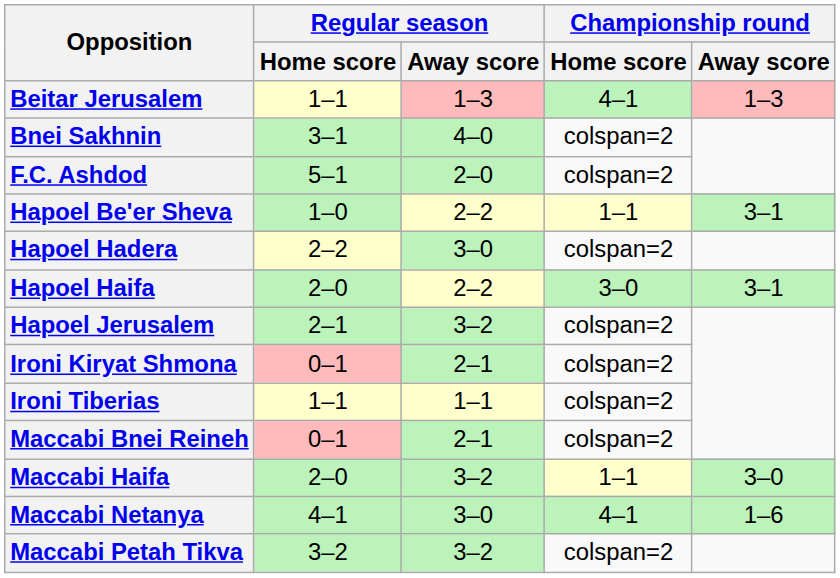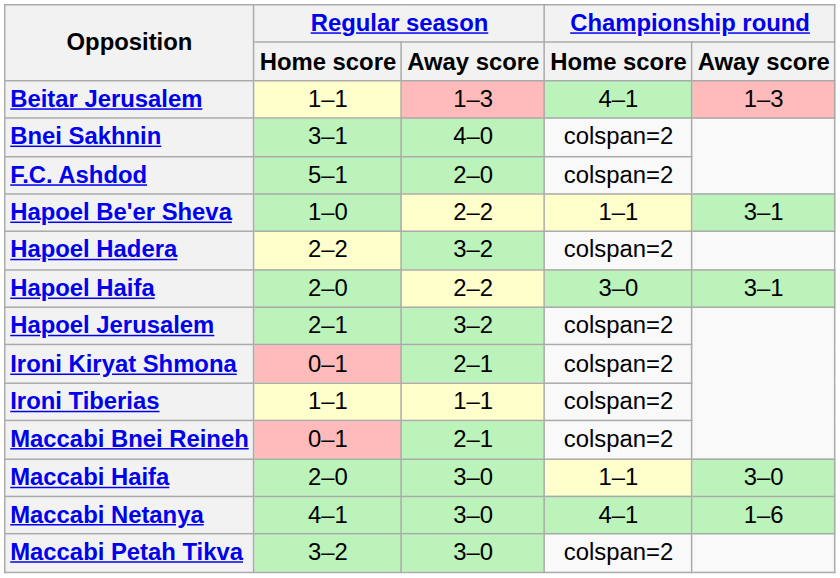 <table class="wikitable" style="text-align: center;">
 <tr>
 <th rowspan=2>Opposition</th>
 <th colspan=2><a href='#'>Regular season</a></th>
 <th colspan=2><a href='#'>Championship round</a></th>
 </tr>
 <tr>
 <th>Home score</th>
 <th>Away score</th>
 <th>Home score</th>
 <th>Away score</th>
 </tr>
 <tr>
 <th style="text-align:left"><a href='#'>Beitar Jerusalem</a></th>
 <td bgcolor=#FFFFCC>1–1</td>
 <td bgcolor=#FFBBBB>1–3</td>
 <td bgcolor=#BBF3BB>4–1</td>
 <td bgcolor=#FFBBBB>1–3</td>
 </tr>
 <tr>
 <th style="text-align:left"><a href='#'>Bnei Sakhnin</a></th>
 <td bgcolor=#BBF3BB>3–1</td>
 <td bgcolor=#BBF3BB>4–0</td>
 <td>colspan=2 </td>
 </tr>
 <tr>
 <th style="text-align:left"><a href='#'>F.C. Ashdod</a></th>
 <td bgcolor=#BBF3BB>5–1</td>
 <td bgcolor=#BBF3BB>2–0</td>
 <td>colspan=2 </td>
 </tr>
 <tr>
 <th style="text-align:left"><a href='#'>Hapoel Be'er Sheva</a></th>
 <td bgcolor=#BBF3BB>1–0</td>
 <td bgcolor=#FFFFCC>2–2</td>
 <td bgcolor=#FFFFCC>1–1</td>
 <td bgcolor=#BBF3BB>3–1</td>
 </tr>
 <tr>
 <th style="text-align:left"><a href='#'>Hapoel Hadera</a></th>
 <td bgcolor=#FFFFCC>2–2</td>
-<td bgcolor=#BBF3BB>3–0</td>
+<td bgcolor=#BBF3BB>3–2</td>
 <td>colspan=2 </td>
 </tr>
 <tr>
 <th style="text-align:left"><a href='#'>Hapoel Haifa</a></th>
 <td bgcolor=#BBF3BB>2–0</td>
 <td bgcolor=#FFFFCC>2–2</td>
 <td bgcolor=#BBF3BB>3–0</td>
 <td bgcolor=#BBF3BB>3–1</td>
 </tr>
 <tr>
 <th style="text-align:left"><a href='#'>Hapoel Jerusalem</a></th>
 <td bgcolor=#BBF3BB>2–1</td>
 <td bgcolor=#BBF3BB>3–2</td>
 <td>colspan=2 </td>
 </tr>
 <tr>
 <th style="text-align:left"><a href='#'>Ironi Kiryat Shmona</a></th>
 <td bgcolor=#FFBBBB>0–1</td>
 <td bgcolor=#BBF3BB>2–1</td>
 <td>colspan=2 </td>
 </tr>
 <tr>
 <th style="text-align:left"><a href='#'>Ironi Tiberias</a></th>
 <td bgcolor=#FFFFCC>1–1</td>
 <td bgcolor=#FFFFCC>1–1</td>
 <td>colspan=2 </td>
 </tr>
 <tr>
 <th style="text-align:left"><a href='#'>Maccabi Bnei Reineh</a></th>
 <td bgcolor=#FFBBBB>0–1</td>
 <td bgcolor=#BBF3BB>2–1</td>
 <td>colspan=2 </td>
 </tr>
 <tr>
 <th style="text-align:left"><a href='#'>Maccabi Haifa</a></th>
 <td bgcolor=#BBF3BB>2–0</td>
-<td bgcolor=#BBF3BB>3–2</td>
+<td bgcolor=#BBF3BB>3–0</td>
 <td bgcolor=#FFFFCC>1–1</td>
 <td bgcolor=#BBF3BB>3–0</td>
 </tr>
 <tr>
 <th style="text-align:left"><a href='#'>Maccabi Netanya</a></th>
 <td bgcolor=#BBF3BB>4–1</td>
 <td bgcolor=#BBF3BB>3–0</td>
 <td bgcolor=#BBF3BB>4–1</td>
 <td bgcolor=#BBF3BB>1–6</td>
 </tr>
 <tr>
 <th style="text-align:left"><a href='#'>Maccabi Petah Tikva</a></th>
 <td bgcolor=#BBF3BB>3–2</td>
-<td bgcolor=#BBF3BB>3–2</td>
+<td bgcolor=#BBF3BB>3–0</td>
 <td>colspan=2 </td>
 </tr>
 </table>
